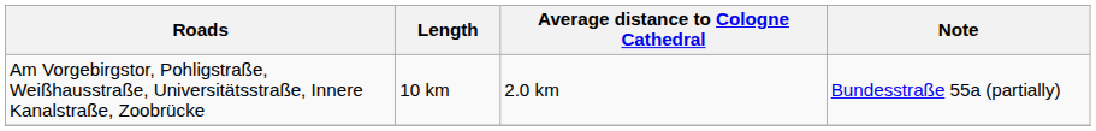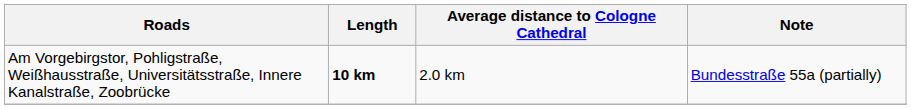 <table class="wikitable" width=950>
 <tr>
 <th width="300px">Roads</th>
 <th width="75px">Length</th>
 <th width="250px">Average distance to <a href='#'>Cologne Cathedral</a></th>
 <th width="200px">Note</th>
 </tr>
 <tr>
 <td>Am Vorgebirgstor, Pohligstraße, Weißhausstraße, Universitätsstraße, Innere Kanalstraße, Zoobrücke</td>
-<td>10 km</td>
+<td><strong>10 km</strong></td>
 <td>2.0 km</td>
 <td> <a href='#'>Bundesstraße</a> 55a (partially)</td>
 </tr>
 <tr>
 </tr>
 </table>
